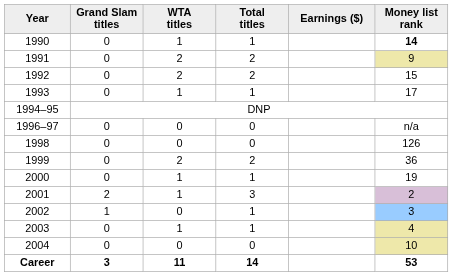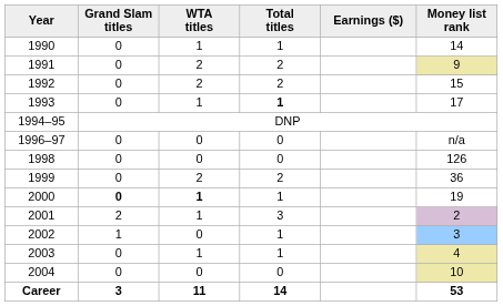 <table cellpadding=3 cellspacing=0 border=1 style=border:#aaa;solid:1px;border-collapse:collapse;text-align:center;>
 <tr style=background:#eee;font-weight:bold>
 <td width="90">Year</td>
 <td width="100">Grand Slam <br>titles</td>
 <td width="100">WTA <br>titles</td>
 <td width="100">Total <br>titles</td>
 <td width="120">Earnings ($)</td>
 <td width="100">Money list rank</td>
 </tr>
 <tr>
 <td align="center">1990</td>
 <td align="center">0</td>
 <td align="center">1</td>
 <td align="center">1</td>
 <td align="right"></td>
-<td align="center"><strong>14</strong></td>
+<td align="center">14</td>
 </tr>
 <tr>
 <td align="center">1991</td>
 <td align="center">0</td>
 <td align="center">2</td>
 <td align="center">2</td>
 <td align="right"></td>
 <td align="center" style="background:#eee8aa;">9</td>
 </tr>
 <tr>
 <td align="center">1992</td>
 <td align="center">0</td>
 <td align="center">2</td>
 <td align="center">2</td>
 <td align="right"></td>
 <td align="center">15</td>
 </tr>
 <tr>
 <td align="center">1993</td>
 <td align="center">0</td>
 <td align="center">1</td>
-<td align="center">1</td>
+<td align="center"><strong>1</strong></td>
 <td align="right"></td>
 <td align="center">17</td>
 </tr>
 <tr>
 <td align="center">1994–95</td>
 <td align="center" colspan="5">DNP</td>
 </tr>
 <tr>
 <td align="center">1996–97</td>
 <td align="center">0</td>
 <td align="center">0</td>
 <td align="center">0</td>
 <td align="right"></td>
 <td align="center">n/a</td>
 </tr>
 <tr>
 <td align="center">1998</td>
 <td align="center">0</td>
 <td align="center">0</td>
 <td align="center">0</td>
 <td align="right"></td>
 <td align="center">126</td>
 </tr>
 <tr>
 <td align="center">1999</td>
 <td align="center">0</td>
 <td align="center">2</td>
 <td align="center">2</td>
 <td align="right"></td>
 <td align="center">36</td>
 </tr>
 <tr>
 <td align="center">2000</td>
-<td align="center">0</td>
-<td align="center">1</td>
+<td align="center"><strong>0</strong></td>
+<td align="center"><strong>1</strong></td>
 <td align="center">1</td>
 <td align="right"></td>
 <td align="center">19</td>
 </tr>
 <tr>
 <td align="center">2001</td>
 <td align="center">2</td>
 <td align="center">1</td>
 <td align="center">3</td>
 <td align="right"></td>
 <td align="center" style="background:thistle;">2</td>
 </tr>
 <tr>
 <td align="center">2002</td>
 <td align="center">1</td>
 <td align="center">0</td>
 <td align="center">1</td>
 <td align="right"></td>
 <td align="center" style="background:#99ccff;">3</td>
 </tr>
 <tr>
 <td align="center">2003</td>
 <td align="center">0</td>
 <td align="center">1</td>
 <td align="center">1</td>
 <td align="right"></td>
 <td align="center" style="background:#eee8aa;">4</td>
 </tr>
 <tr>
 <td align="center">2004</td>
 <td align="center">0</td>
 <td align="center">0</td>
 <td align="center">0</td>
 <td align="right"></td>
 <td align="center" style="background:#eee8aa;">10</td>
 </tr>
 <tr>
 <th align="center">Career</th>
 <th align="center">3</th>
 <th align="center">11</th>
 <th align="center">14</th>
 <th align="right"></th>
 <th align="center">53</th>
 </tr>
 </table>
